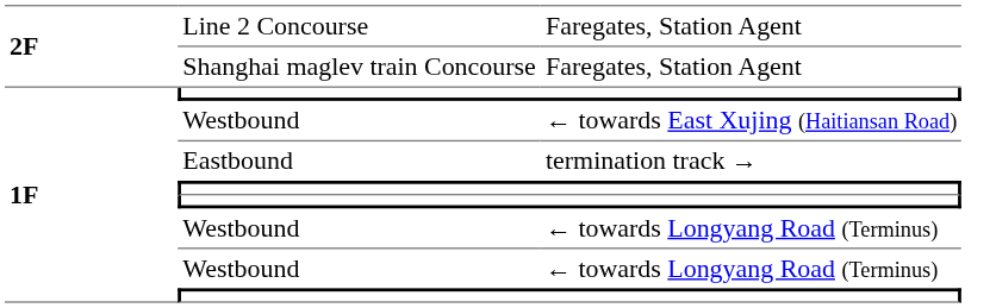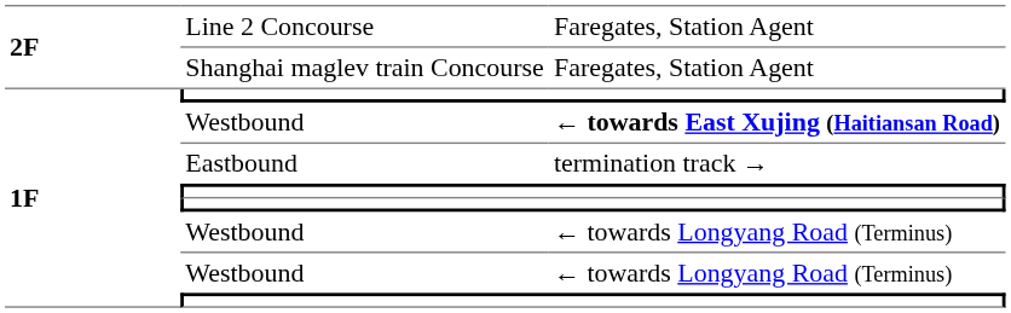 <table cellspacing=0 cellpadding=3>
 <tr>
 <td style="border-top:solid 1px gray;border-bottom:solid 1px gray;" rowspan=2 width=100><strong>2F</strong></td>
 <td style="border-top:solid 1px gray;border-bottom:solid 1px gray;">Line 2 Concourse</td>
 <td style="border-top:solid 1px gray;border-bottom:solid 1px gray;">Faregates, Station Agent</td>
 </tr>
 <tr>
 <td style="border-bottom:solid 1px gray;">Shanghai maglev train Concourse</td>
 <td style="border-bottom:solid 1px gray;">Faregates, Station Agent</td>
 </tr>
 <tr>
 <td style="border-bottom:solid 1px gray;" rowspan=8><strong>1F</strong></td>
 <td style="border-right:solid 2px black;border-left:solid 2px black;border-bottom:solid 2px black;" colspan=2></td>
 </tr>
 <tr>
 <td style="border-bottom:solid 1px gray;">Westbound</td>
-<td style="border-bottom:solid 1px gray;">←  towards <a href='#'>East Xujing</a> <small>(<a href='#'>Haitiansan Road</a>)</small></td>
+<td style="border-bottom:solid 1px gray;"><strong>←  towards <a href='#'>East Xujing</a> <small>(<a href='#'>Haitiansan Road</a>)</small></strong></td>
 </tr>
 <tr>
 <td>Eastbound</td>
 <td>  termination track →</td>
 </tr>
 <tr>
 <td style="border-right:solid 2px black;border-left:solid 2px black;border-top:solid 2px black;border-bottom:solid 1px gray;" colspan=2></td>
 </tr>
 <tr>
 <td style="border-right:solid 2px black;border-left:solid 2px black;border-bottom:solid 2px black;" colspan=2></td>
 </tr>
 <tr>
 <td style="border-bottom:solid 1px gray;">Westbound</td>
 <td style="border-bottom:solid 1px gray;">←  towards <a href='#'>Longyang Road</a> <small>(Terminus)</small></td>
 </tr>
 <tr>
 <td>Westbound</td>
 <td>←  towards <a href='#'>Longyang Road</a> <small>(Terminus)</small></td>
 </tr>
 <tr>
 <td style="border-right:solid 2px black;border-left:solid 2px black;border-top:solid 2px black;border-bottom:solid 1px gray;" colspan=2></td>
 </tr>
 </table>
